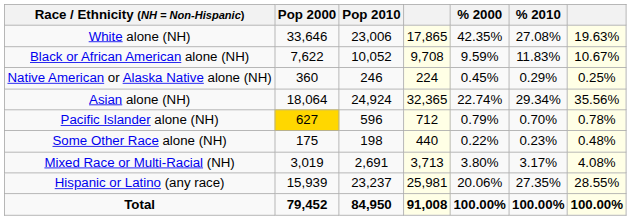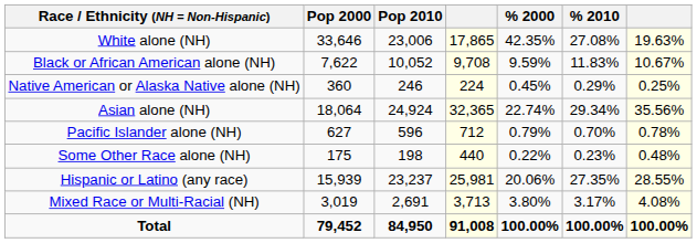 <table class="wikitable" style="text-align:center;">
 <tr>
 <th>Race / Ethnicity <small>(<em>NH = Non-Hispanic</em>)</small></th>
 <th>Pop 2000</th>
 <th>Pop 2010</th>
 <th></th>
 <th>% 2000</th>
 <th>% 2010</th>
 <th></th>
 </tr>
 <tr>
 <td><a href='#'>White</a> alone (NH)</td>
 <td>33,646</td>
 <td>23,006</td>
 <td style='background: #ffffe6;'>17,865</td>
 <td>42.35%</td>
 <td>27.08%</td>
 <td style='background: #ffffe6;'>19.63%</td>
 </tr>
 <tr>
 <td><a href='#'>Black or African American</a> alone (NH)</td>
 <td>7,622</td>
 <td>10,052</td>
 <td style='background: #ffffe6;'>9,708</td>
 <td>9.59%</td>
 <td>11.83%</td>
 <td style='background: #ffffe6;'>10.67%</td>
 </tr>
 <tr>
 <td><a href='#'>Native American</a> or <a href='#'>Alaska Native</a> alone (NH)</td>
 <td>360</td>
 <td>246</td>
 <td style='background: #ffffe6;'>224</td>
 <td>0.45%</td>
 <td>0.29%</td>
 <td style='background: #ffffe6;'>0.25%</td>
 </tr>
 <tr>
 <td><a href='#'>Asian</a> alone (NH)</td>
 <td>18,064</td>
 <td>24,924</td>
 <td style='background: #ffffe6;'>32,365</td>
 <td>22.74%</td>
 <td>29.34%</td>
 <td style='background: #ffffe6;'>35.56%</td>
 </tr>
 <tr>
 <td><a href='#'>Pacific Islander</a> alone (NH)</td>
-<td style="background: gold;">627</td>
+<td>627</td>
 <td>596</td>
 <td style='background: #ffffe6;'>712</td>
 <td>0.79%</td>
 <td>0.70%</td>
 <td style='background: #ffffe6;'>0.78%</td>
 </tr>
 <tr>
 <td><a href='#'>Some Other Race</a> alone (NH)</td>
 <td>175</td>
 <td>198</td>
 <td style='background: #ffffe6;'>440</td>
 <td>0.22%</td>
 <td>0.23%</td>
 <td style='background: #ffffe6;'>0.48%</td>
 </tr>
 <tr>
+<td><a href='#'>Hispanic or Latino</a> (any race)</td>
+<td>15,939</td>
+<td>23,237</td>
+<td style='background: #ffffe6;'>25,981</td>
+<td>20.06%</td>
+<td>27.35%</td>
+<td style='background: #ffffe6;'>28.55%</td>
+</tr>
+<tr>
 <td><a href='#'>Mixed Race or Multi-Racial</a> (NH)</td>
 <td>3,019</td>
 <td>2,691</td>
 <td style='background: #ffffe6;'>3,713</td>
 <td>3.80%</td>
 <td>3.17%</td>
 <td style='background: #ffffe6;'>4.08%</td>
-</tr>
-<tr>
-<td><a href='#'>Hispanic or Latino</a> (any race)</td>
-<td>15,939</td>
-<td>23,237</td>
-<td style='background: #ffffe6;'>25,981</td>
-<td>20.06%</td>
-<td>27.35%</td>
-<td style='background: #ffffe6;'>28.55%</td>
 </tr>
 <tr>
 <td><strong>Total</strong></td>
 <td><strong>79,452</strong></td>
 <td><strong>84,950</strong></td>
 <td style='background: #ffffe6;'><strong>91,008</strong></td>
 <td><strong>100.00%</strong></td>
 <td><strong>100.00%</strong></td>
 <td style='background: #ffffe6;'><strong>100.00%</strong></td>
 </tr>
 </table>
